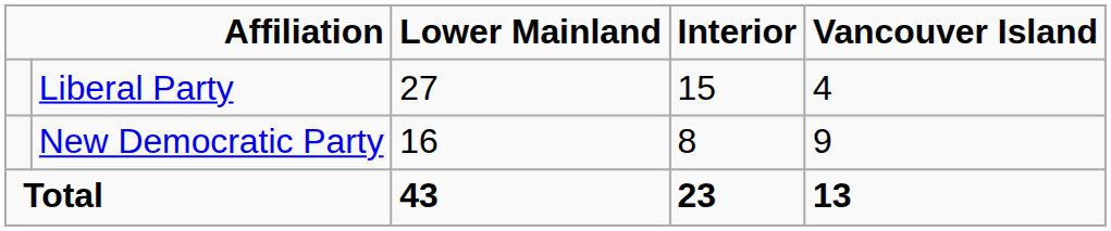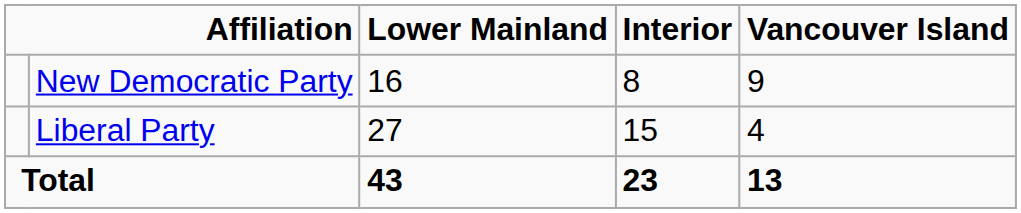 <table class="wikitable">
 <tr>
 <td colspan="2" rowspan="1" align="right" valign="top"><strong>Affiliation</strong></td>
 <td valign="top"><strong>Lower Mainland</strong><br></td>
 <td valign="top"><strong>Interior</strong><br></td>
 <td valign="top"><strong>Vancouver Island</strong><br></td>
 </tr>
 <tr>
 <td> </td>
+<td><a href='#'>New Democratic Party</a></td>
+<td>16</td>
+<td>8</td>
+<td>9</td>
+</tr>
+<tr>
+<td> </td>
 <td><a href='#'>Liberal Party</a></td>
 <td>27</td>
 <td>15</td>
 <td>4</td>
-</tr>
-<tr>
-<td> </td>
-<td><a href='#'>New Democratic Party</a></td>
-<td>16</td>
-<td>8</td>
-<td>9</td>
 </tr>
 <tr>
 <td colspan="2" rowspan="1"> <strong>Total</strong><br></td>
 <td><strong>43</strong></td>
 <td><strong>23</strong></td>
 <td><strong>13</strong></td>
 </tr>
 </table>
